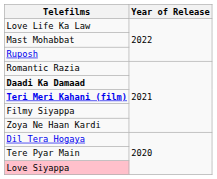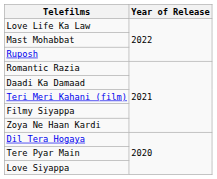 <table class="wikitable sortable">
 <tr>
 <th>Telefilms</th>
 <th>Year of Release</th>
 </tr>
 <tr>
 <td>Love Life Ka Law</td>
 <td rowspan="3">2022</td>
 </tr>
 <tr>
 <td>Mast Mohabbat</td>
 </tr>
 <tr>
 <td><a href='#'>Ruposh</a></td>
 </tr>
 <tr>
 <td>Romantic Razia</td>
 <td rowspan="5">2021</td>
 </tr>
 <tr>
-<td><strong>Daadi Ka Damaad </strong></td>
+<td>Daadi Ka Damaad </td>
 </tr>
 <tr>
-<td><strong><a href='#'>Teri Meri Kahani (film)</a></strong></td>
+<td><a href='#'>Teri Meri Kahani (film)</a></td>
 </tr>
 <tr>
 <td>Filmy Siyappa </td>
 </tr>
 <tr>
 <td>Zoya Ne Haan Kardi </td>
 </tr>
 <tr>
 <td><a href='#'>Dil Tera Hogaya</a></td>
 <td rowspan="3">2020</td>
 </tr>
 <tr>
 <td>Tere Pyar Main</td>
 </tr>
 <tr>
-<td style="background: pink;">Love Siyappa</td>
+<td>Love Siyappa</td>
 </tr>
 </table>
